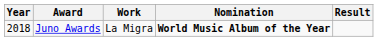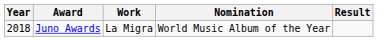 <table class="wikitable">
 <tr>
 <th>Year</th>
 <th>Award</th>
 <th>Work</th>
 <th>Nomination</th>
 <th>Result</th>
 </tr>
 <tr>
 <td rowspan="6">2018</td>
 <td rowspan="2" style="text-align:center;"><a href='#'>Juno Awards</a></td>
 <td align=center>La Migra</td>
-<td align=center><strong>World Music Album of the Year</strong></td>
+<td align=center>World Music Album of the Year</td>
 <td></td>
 </tr>
 </table>
